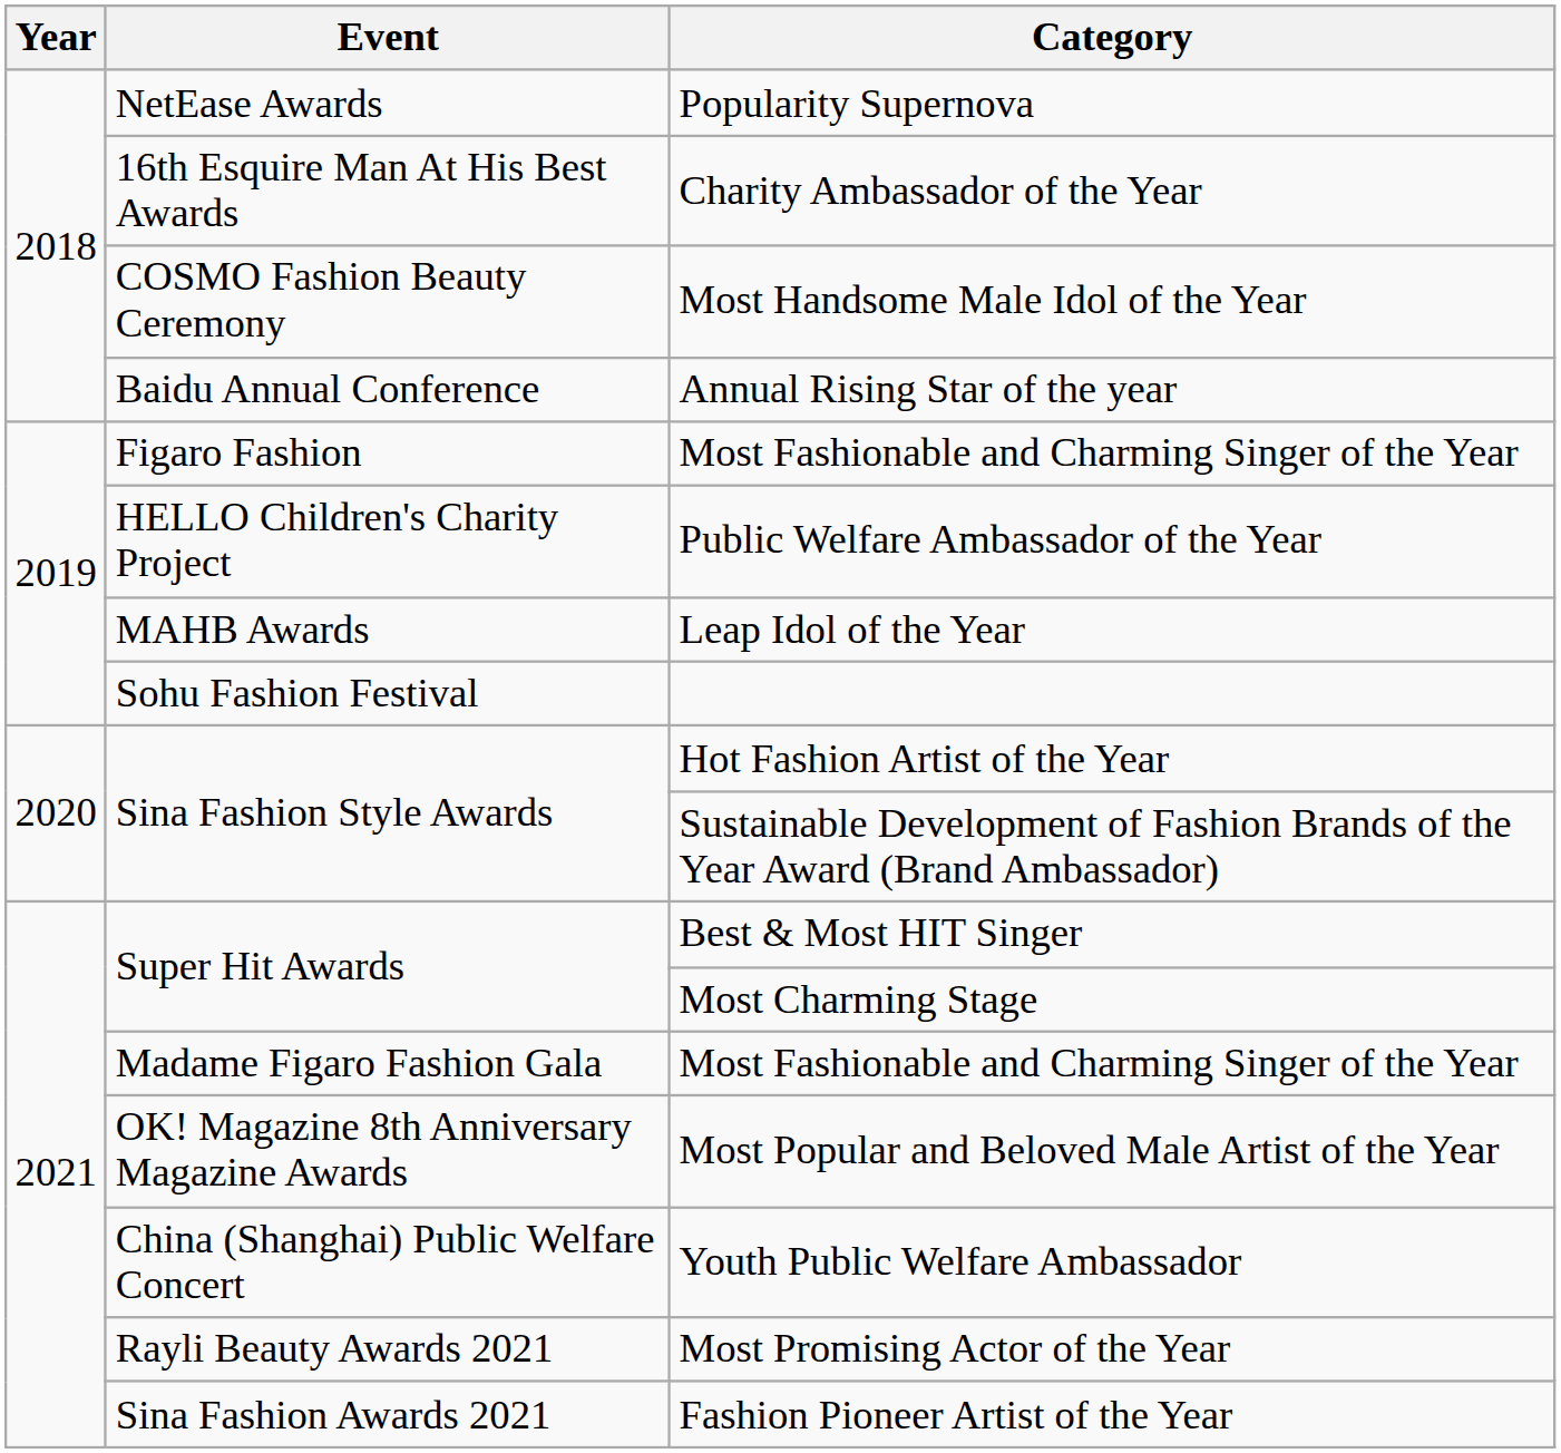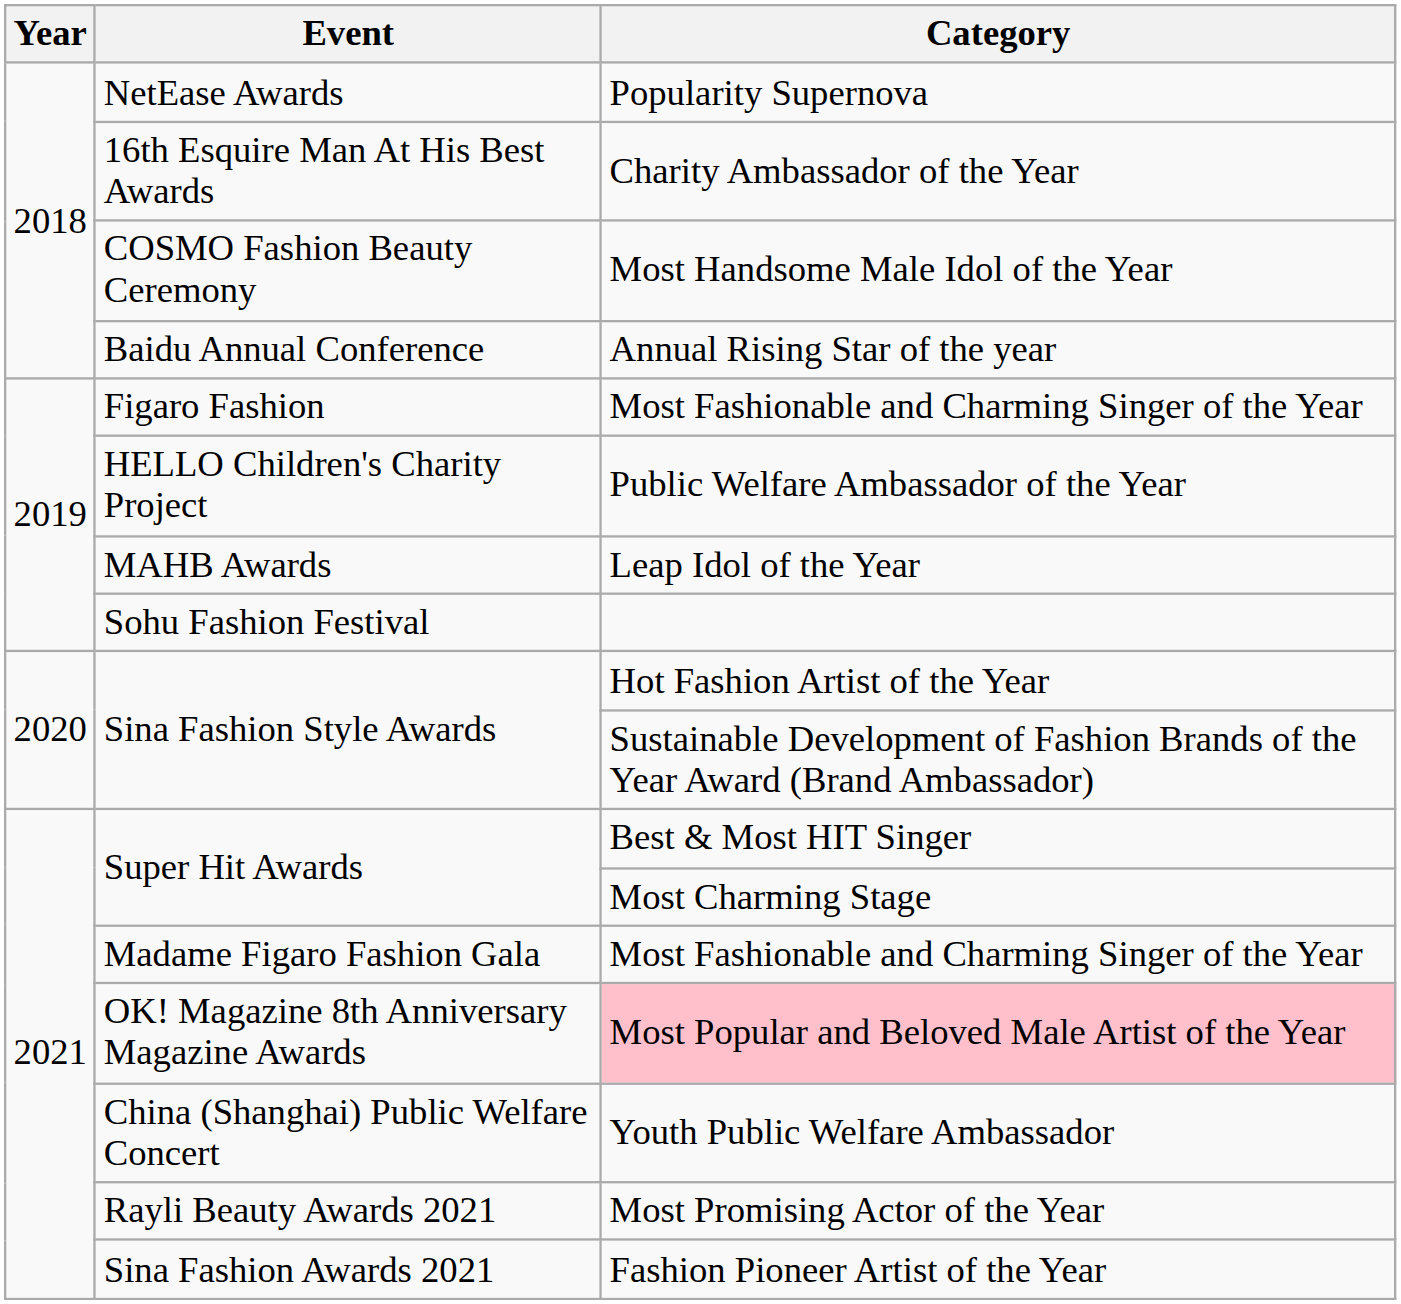 <table class="wikitable">
 <tr>
 <th>Year</th>
 <th>Event</th>
 <th>Category</th>
 </tr>
 <tr>
 <td rowspan="4">2018</td>
 <td>NetEase Awards</td>
 <td>Popularity Supernova</td>
 </tr>
 <tr>
 <td>16th Esquire Man At His Best Awards</td>
 <td>Charity Ambassador of the Year</td>
 </tr>
 <tr>
 <td>COSMO Fashion Beauty Ceremony</td>
 <td>Most Handsome Male Idol of the Year</td>
 </tr>
 <tr>
 <td>Baidu Annual Conference</td>
 <td>Annual Rising Star of the year</td>
 </tr>
 <tr>
 <td rowspan="4">2019</td>
 <td>Figaro Fashion</td>
 <td>Most Fashionable and Charming Singer of the Year</td>
 </tr>
 <tr>
 <td>HELLO Children's Charity Project</td>
 <td>Public Welfare Ambassador of the Year</td>
 </tr>
 <tr>
 <td>MAHB Awards</td>
 <td>Leap Idol of the Year</td>
 </tr>
 <tr>
 <td>Sohu Fashion Festival</td>
 <td Fashion Influential Male Start of the Year></td>
 </tr>
 <tr>
 <td rowspan="2">2020</td>
 <td rowspan="2">Sina Fashion Style Awards</td>
 <td>Hot Fashion Artist of the Year</td>
 </tr>
 <tr>
 <td>Sustainable Development of Fashion Brands of the Year Award (Brand Ambassador)</td>
 </tr>
 <tr>
 <td rowspan="7">2021</td>
 <td rowspan=2>Super Hit Awards</td>
 <td>Best & Most HIT Singer</td>
 </tr>
 <tr>
 <td>Most Charming Stage</td>
 </tr>
 <tr>
 <td>Madame Figaro Fashion Gala</td>
 <td Most Fashionable and Charming Singer of the Year>Most Fashionable and Charming Singer of the Year</td>
 </tr>
 <tr>
 <td>OK! Magazine 8th Anniversary Magazine Awards</td>
-<td Most Popular and Beloved Male Artist of the Year>Most Popular and Beloved Male Artist of the Year</td>
+<td Most Popular and Beloved Male Artist of the Year style="background: pink;">Most Popular and Beloved Male Artist of the Year</td>
 </tr>
 <tr>
 <td>China (Shanghai) Public Welfare Concert</td>
 <td>Youth Public Welfare Ambassador</td>
 </tr>
 <tr>
 <td>Rayli Beauty Awards 2021</td>
 <td>Most Promising Actor of the Year</td>
 </tr>
 <tr>
 <td>Sina Fashion Awards 2021</td>
 <td>Fashion Pioneer Artist of the Year</td>
 </tr>
 </table>
